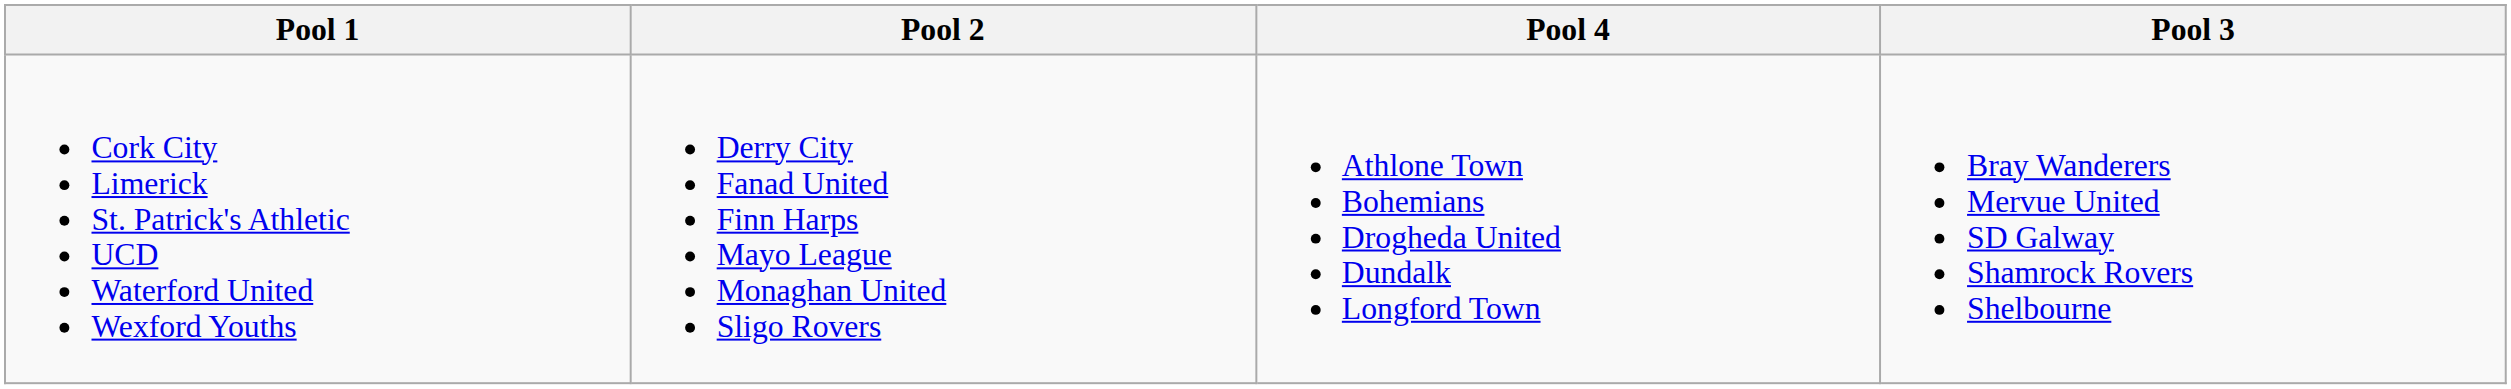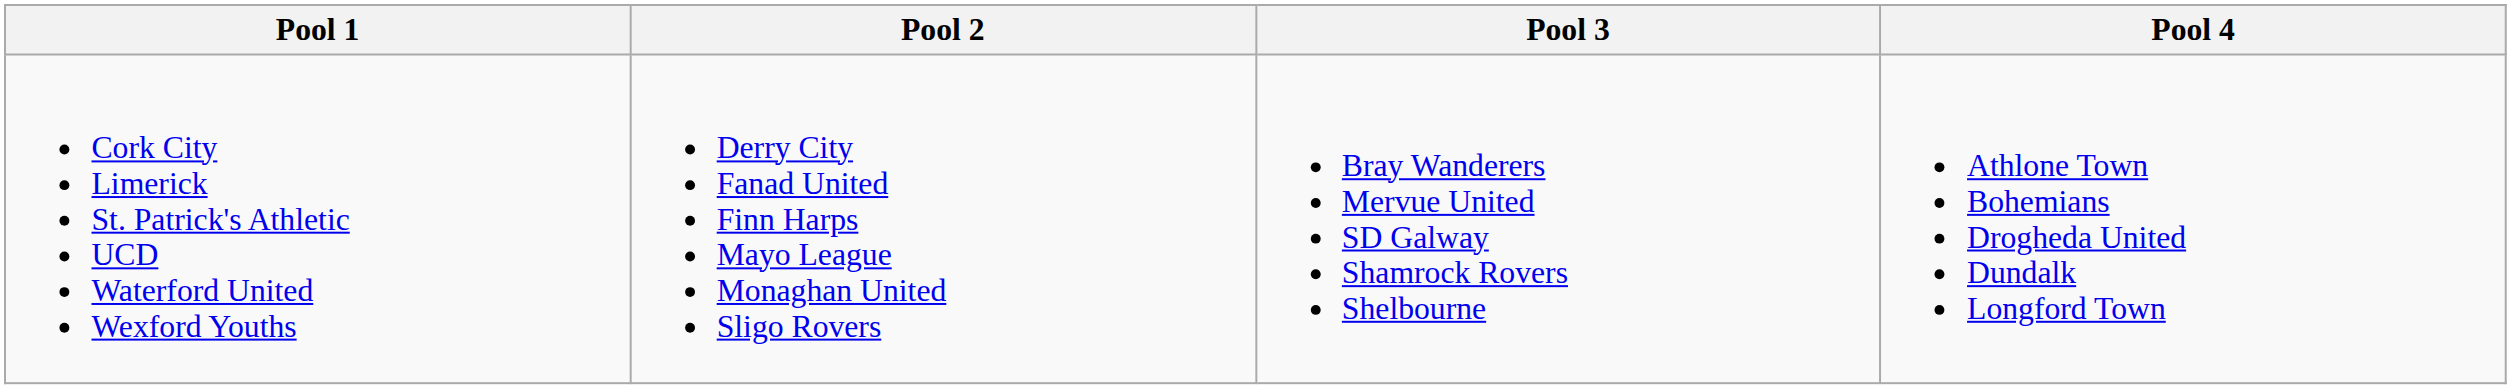 <table class="wikitable" width=100%>
 <tr>
 <th width=16%>Pool 1</th>
 <th width=16%>Pool 2</th>
+<th width=16%>Pool 3</th>
 <th width=16%>Pool 4</th>
-<th width=16%>Pool 3</th>
 </tr>
 <tr valign=toþp>
 <td><br><ul><li><a href='#'>Cork City</a></li><li><a href='#'>Limerick</a></li><li><a href='#'>St. Patrick's Athletic</a></li><li><a href='#'>UCD</a></li><li><a href='#'>Waterford United</a></li><li><a href='#'>Wexford Youths</a></li></ul></td>
 <td><br><ul><li><a href='#'>Derry City</a></li><li><a href='#'>Fanad United</a></li><li><a href='#'>Finn Harps</a></li><li><a href='#'>Mayo League</a></li><li><a href='#'>Monaghan United</a></li><li><a href='#'>Sligo Rovers</a></li></ul></td>
+<td><br><ul><li><a href='#'>Bray Wanderers</a></li><li><a href='#'>Mervue United</a></li><li><a href='#'>SD Galway</a></li><li><a href='#'>Shamrock Rovers</a></li><li><a href='#'>Shelbourne</a></li></ul></td>
 <td><br><ul><li><a href='#'>Athlone Town</a></li><li><a href='#'>Bohemians</a></li><li><a href='#'>Drogheda United</a></li><li><a href='#'>Dundalk</a></li><li><a href='#'>Longford Town</a></li></ul></td>
-<td><br><ul><li><a href='#'>Bray Wanderers</a></li><li><a href='#'>Mervue United</a></li><li><a href='#'>SD Galway</a></li><li><a href='#'>Shamrock Rovers</a></li><li><a href='#'>Shelbourne</a></li></ul></td>
 </tr>
 </table>
